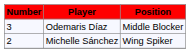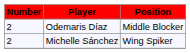 <table bgcolor="#f7f8ff" cellpadding="3" cellspacing="0" border="1" style="font-size: 95%; border: gray solid 1px; border-collapse: collapse;">
 <tr bgcolor="#ff0000">
 <td align=center><strong>Number</strong></td>
 <td align=center><strong>Player</strong></td>
 <td align=center><strong>Position</strong></td>
 </tr>
 <tr align="left">
-<td>3</td>
+<td>2</td>
 <td> Odemaris Díaz</td>
 <td>Middle Blocker</td>
 </tr>
 <tr align="left">
 <td>2</td>
 <td> Michelle Sánchez</td>
 <td>Wing Spiker</td>
 </tr>
 <tr align="left">
 </tr>
 </table>
